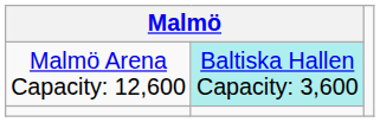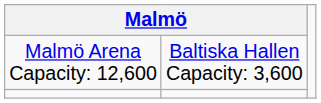 <table class="wikitable" style="text-align:center;">
 <tr>
 <th colspan=2><a href='#'>Malmö</a></th>
 <td rowspan=9></td>
 </tr>
 <tr>
 <td><a href='#'>Malmö Arena</a><br>Capacity: 12,600</td>
-<td style="background: paleturquoise;"><a href='#'>Baltiska Hallen</a><br>Capacity: 3,600</td>
+<td><a href='#'>Baltiska Hallen</a><br>Capacity: 3,600</td>
 </tr>
 <tr>
 <td></td>
 <td></td>
 </tr>
 </table>
